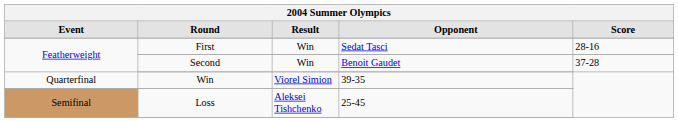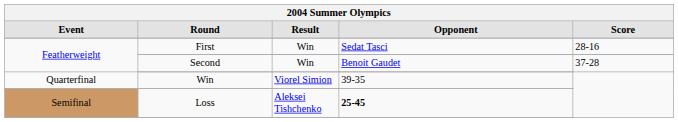 <table style='font-size: 85%; text-align: left;' class='wikitable' width='45%'>
 <tr>
 <th colspan=5>2004 Summer Olympics</th>
 </tr>
 <tr>
 <th style='border-style: none none solid solid; background: #e3e3e3; width: 20%'><strong>Event</strong></th>
 <th style='border-style: none none solid solid; background: #e3e3e3; width: 20%'><strong>Round</strong></th>
 <th style='border-style: none none solid solid; background: #e3e3e3; width: 10%'><strong>Result</strong></th>
 <th style='border-style: none none solid solid; background: #e3e3e3; width: 35%'><strong>Opponent</strong></th>
 <th style='border-style: none none solid solid; background: #e3e3e3; width: 15%'><strong>Score</strong></th>
 </tr>
 <tr>
 </tr>
 <tr align=center>
 <td rowspan="4" style="text-align:center;"><a href='#'>Featherweight</a></td>
 <td align='center'>First</td>
 <td>Win</td>
 <td align='left'> <a href='#'>Sedat Tasci</a></td>
 <td align='left'>28-16</td>
 </tr>
 <tr>
 </tr>
 <tr align=center>
 <td align='center'>Second</td>
 <td>Win</td>
 <td align='left'> <a href='#'>Benoit Gaudet</a></td>
 <td align='left'>37-28</td>
 </tr>
 <tr>
 </tr>
 <tr align=center>
 <td align='center'>Quarterfinal</td>
 <td>Win</td>
 <td align='left'> <a href='#'>Viorel Simion</a></td>
 <td align='left'>39-35</td>
 </tr>
 <tr>
 </tr>
 <tr align=center>
 <td align='center'; bgcolor="#cc9966">Semifinal</td>
 <td>Loss</td>
 <td align='left'> <a href='#'>Aleksei Tishchenko</a></td>
-<td align='left'>25-45</td>
+<td align='left'><strong>25-45</strong></td>
 </tr>
 <tr>
 </tr>
 </table>
